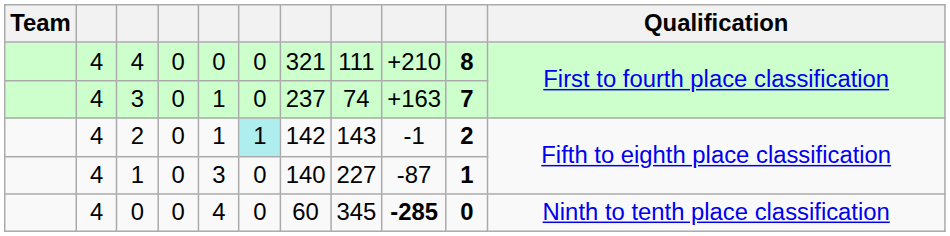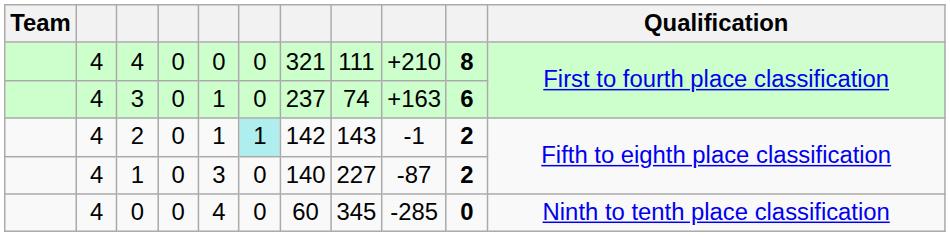 <table class="wikitable" style="text-align:center;">
 <tr>
 <th>Team</th>
 <th width=20></th>
 <th width=20></th>
 <th width=20></th>
 <th width=20></th>
 <th width=20></th>
 <th width=20></th>
 <th width=20></th>
 <th width=20></th>
 <th width=20></th>
 <th width=300>Qualification</th>
 </tr>
 <tr bgcolor="#ccffcc">
 <td align=left></td>
 <td>4</td>
 <td>4</td>
 <td>0</td>
 <td>0</td>
 <td>0</td>
 <td>321</td>
 <td>111</td>
 <td>+210</td>
 <td><strong>8</strong></td>
 <td rowspan=2><a href='#'>First to fourth place classification</a></td>
 </tr>
 <tr bgcolor="#ccffcc">
 <td align=left></td>
 <td>4</td>
 <td>3</td>
 <td>0</td>
 <td>1</td>
 <td>0</td>
 <td>237</td>
 <td>74</td>
 <td>+163</td>
-<td><strong>7</strong></td>
+<td><strong>6</strong></td>
 </tr>
 <tr>
 <td align=left></td>
 <td>4</td>
 <td>2</td>
 <td>0</td>
 <td>1</td>
 <td style="background: paleturquoise;">1</td>
 <td>142</td>
 <td>143</td>
 <td>-1</td>
 <td><strong>2</strong></td>
 <td rowspan=2><a href='#'>Fifth to eighth place classification</a></td>
 </tr>
 <tr>
 <td align=left></td>
 <td>4</td>
 <td>1</td>
 <td>0</td>
 <td>3</td>
 <td>0</td>
 <td>140</td>
 <td>227</td>
 <td>-87</td>
-<td><strong>1</strong></td>
+<td><strong>2</strong></td>
 </tr>
 <tr>
 <td align=left></td>
 <td>4</td>
 <td>0</td>
 <td>0</td>
 <td>4</td>
 <td>0</td>
 <td>60</td>
 <td>345</td>
-<td><strong>-285</strong></td>
+<td>-285</td>
 <td><strong>0</strong></td>
 <td><a href='#'>Ninth to tenth place classification</a></td>
 </tr>
 </table>
